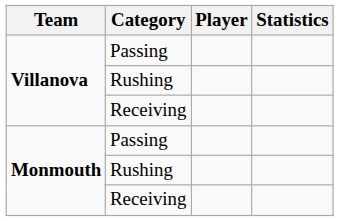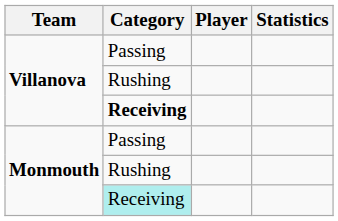 <table class="wikitable" style="float: right;">
 <tr>
 <th>Team</th>
 <th>Category</th>
 <th>Player</th>
 <th>Statistics</th>
 </tr>
 <tr>
 <td rowspan=3><strong>Villanova</strong></td>
 <td>Passing</td>
 <td></td>
 <td></td>
 </tr>
 <tr>
 <td>Rushing</td>
 <td></td>
 <td></td>
 </tr>
 <tr>
-<td>Receiving</td>
+<td><strong>Receiving</strong></td>
 <td></td>
 <td></td>
 </tr>
 <tr>
 <td rowspan=3><strong>Monmouth</strong></td>
 <td>Passing</td>
 <td></td>
 <td></td>
 </tr>
 <tr>
 <td>Rushing</td>
 <td></td>
 <td></td>
 </tr>
 <tr>
-<td>Receiving</td>
+<td style="background: paleturquoise;">Receiving</td>
 <td></td>
 <td></td>
 </tr>
 </table>
